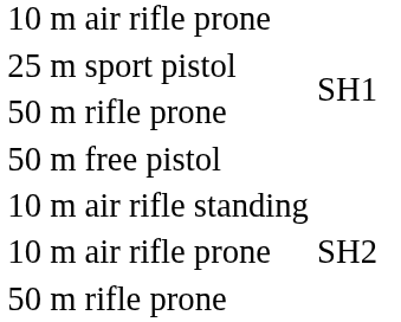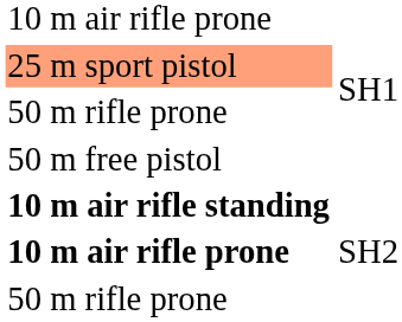 <table>
 <tr>
 <td>10 m air rifle prone</td>
 <td rowspan=4>SH1</td>
 <td></td>
 <td></td>
 <td></td>
 </tr>
 <tr>
-<td>25 m sport pistol</td>
+<td style="background: lightsalmon;">25 m sport pistol</td>
 <td></td>
 <td></td>
 <td></td>
 </tr>
 <tr>
 <td>50 m rifle prone</td>
 <td></td>
 <td></td>
 <td></td>
 </tr>
 <tr>
 <td>50 m free pistol</td>
 <td></td>
 <td></td>
 <td></td>
 </tr>
 <tr>
-<td>10 m air rifle standing</td>
+<td><strong>10 m air rifle standing</strong></td>
 <td rowspan=3>SH2</td>
 <td></td>
 <td></td>
 <td></td>
 </tr>
 <tr>
-<td>10 m air rifle prone</td>
+<td><strong>10 m air rifle prone</strong></td>
 <td></td>
 <td></td>
 <td></td>
 </tr>
 <tr>
 <td>50 m rifle prone</td>
 <td></td>
 <td></td>
 <td></td>
 </tr>
 </table>
